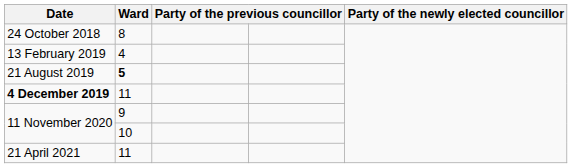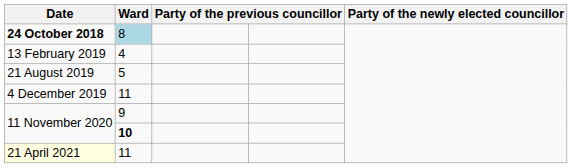 <table class="wikitable">
 <tr>
 <th>Date</th>
 <th>Ward</th>
 <th colspan=2>Party of the previous councillor</th>
 <th colspan=2>Party of the newly elected councillor</th>
 </tr>
 <tr>
-<td>24 October 2018</td>
-<td>8</td>
+<td><strong>24 October 2018</strong></td>
+<td style="background: lightblue;">8</td>
 <td></td>
 <td></td>
 </tr>
 <tr>
 <td>13 February 2019</td>
 <td>4</td>
 <td></td>
 <td></td>
 </tr>
 <tr>
 <td>21 August 2019</td>
-<td><strong>5</strong></td>
+<td>5</td>
 <td></td>
 <td></td>
 </tr>
 <tr>
-<td><strong>4 December 2019</strong></td>
+<td>4 December 2019</td>
 <td>11</td>
 <td></td>
 <td></td>
 </tr>
 <tr>
 <td rowspan=2>11 November 2020</td>
 <td>9</td>
 <td></td>
 <td></td>
 </tr>
 <tr>
-<td>10</td>
+<td><strong>10</strong></td>
 <td></td>
 <td></td>
 </tr>
 <tr>
-<td>21 April 2021</td>
+<td style="background: lightyellow;">21 April 2021</td>
 <td>11</td>
 <td></td>
 <td></td>
 </tr>
 </table>
